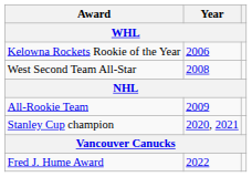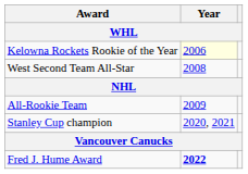 <table class="wikitable">
 <tr>
 <th>Award</th>
 <th>Year</th>
 <th></th>
 </tr>
 <tr>
 <th colspan="3"><a href='#'>WHL</a></th>
 </tr>
 <tr>
 <td><a href='#'>Kelowna Rockets</a> Rookie of the Year</td>
-<td><a href='#'>2006</a></td>
+<td style="background: lightyellow;"><a href='#'>2006</a></td>
 <td></td>
 </tr>
 <tr>
 <td>West Second Team All-Star</td>
 <td><a href='#'>2008</a></td>
 <td></td>
 </tr>
 <tr>
 <th colspan="3"><a href='#'>NHL</a></th>
 </tr>
 <tr>
 <td><a href='#'>All-Rookie Team</a></td>
 <td><a href='#'>2009</a></td>
 <td></td>
 </tr>
 <tr>
 <td><a href='#'>Stanley Cup</a> champion</td>
 <td><a href='#'>2020</a>, <a href='#'>2021</a></td>
 <td></td>
 </tr>
 <tr>
 <th colspan="3"><a href='#'>Vancouver Canucks</a></th>
 </tr>
 <tr>
 <td><a href='#'>Fred J. Hume Award</a></td>
-<td><a href='#'>2022</a></td>
+<td><strong><a href='#'>2022</a></strong></td>
 <td></td>
 </tr>
 </table>
